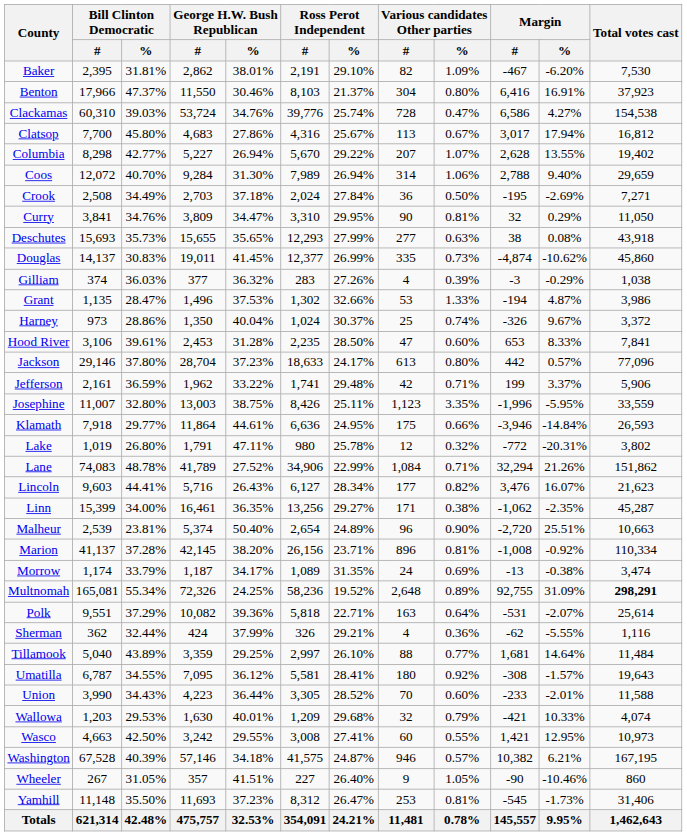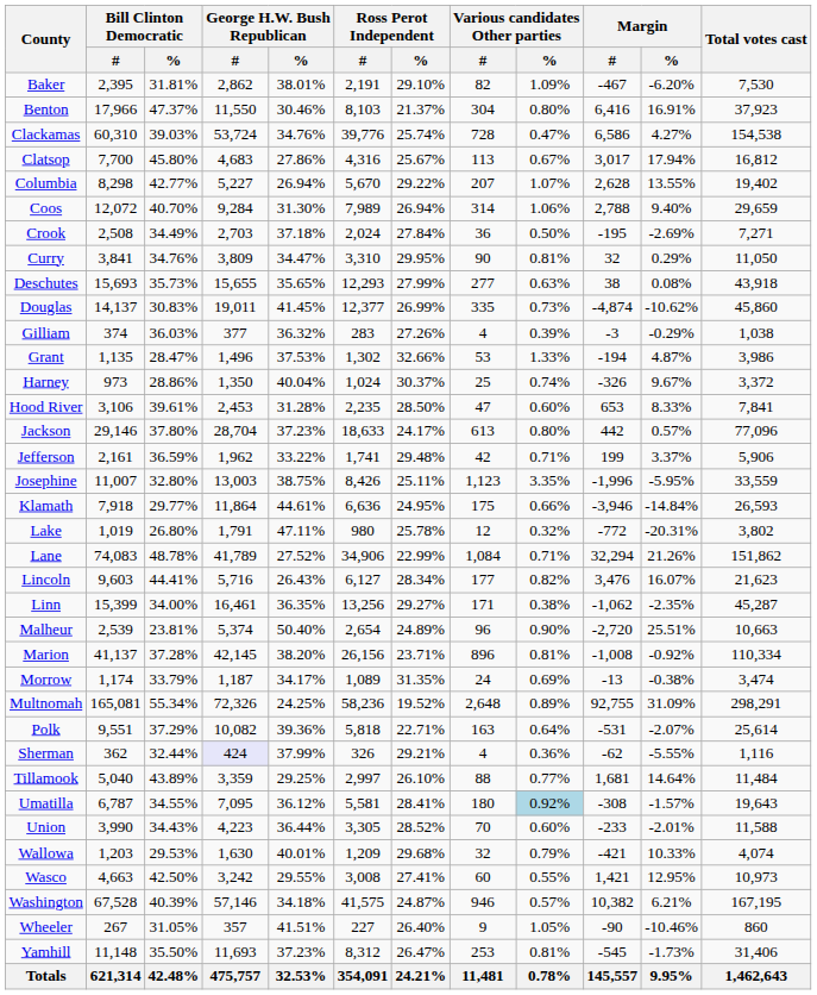 <table class="wikitable sortable" style="text-align:center">
 <tr>
 <th style="text-align:center;" rowspan="2">County</th>
 <th style="text-align:center;" colspan="2">Bill Clinton<br>Democratic</th>
 <th style="text-align:center;" colspan="2">George H.W. Bush<br>Republican</th>
 <th style="text-align:center;" colspan="2">Ross Perot<br>Independent</th>
 <th style="text-align:center;" colspan="2">Various candidates<br>Other parties</th>
 <th style="text-align:center;" colspan="2">Margin</th>
 <th style="text-align:center;" rowspan="2">Total votes cast</th>
 </tr>
 <tr>
 <th style="text-align:center;" data-sort-type="number">#</th>
 <th style="text-align:center;" data-sort-type="number">%</th>
 <th style="text-align:center;" data-sort-type="number">#</th>
 <th style="text-align:center;" data-sort-type="number">%</th>
 <th style="text-align:center;" data-sort-type="number">#</th>
 <th style="text-align:center;" data-sort-type="number">%</th>
 <th style="text-align:center;" data-sort-type="number">#</th>
 <th style="text-align:center;" data-sort-type="number">%</th>
 <th style="text-align:center;" data-sort-type="number">#</th>
 <th style="text-align:center;" data-sort-type="number">%</th>
 </tr>
 <tr style="text-align:center;">
 <td><a href='#'>Baker</a></td>
 <td>2,395</td>
 <td>31.81%</td>
 <td>2,862</td>
 <td>38.01%</td>
 <td>2,191</td>
 <td>29.10%</td>
 <td>82</td>
 <td>1.09%</td>
 <td>-467</td>
 <td>-6.20%</td>
 <td>7,530</td>
 </tr>
 <tr style="text-align:center;">
 <td><a href='#'>Benton</a></td>
 <td>17,966</td>
 <td>47.37%</td>
 <td>11,550</td>
 <td>30.46%</td>
 <td>8,103</td>
 <td>21.37%</td>
 <td>304</td>
 <td>0.80%</td>
 <td>6,416</td>
 <td>16.91%</td>
 <td>37,923</td>
 </tr>
 <tr style="text-align:center;">
 <td><a href='#'>Clackamas</a></td>
 <td>60,310</td>
 <td>39.03%</td>
 <td>53,724</td>
 <td>34.76%</td>
 <td>39,776</td>
 <td>25.74%</td>
 <td>728</td>
 <td>0.47%</td>
 <td>6,586</td>
 <td>4.27%</td>
 <td>154,538</td>
 </tr>
 <tr style="text-align:center;">
 <td><a href='#'>Clatsop</a></td>
 <td>7,700</td>
 <td>45.80%</td>
 <td>4,683</td>
 <td>27.86%</td>
 <td>4,316</td>
 <td>25.67%</td>
 <td>113</td>
 <td>0.67%</td>
 <td>3,017</td>
 <td>17.94%</td>
 <td>16,812</td>
 </tr>
 <tr style="text-align:center;">
 <td><a href='#'>Columbia</a></td>
 <td>8,298</td>
 <td>42.77%</td>
 <td>5,227</td>
 <td>26.94%</td>
 <td>5,670</td>
 <td>29.22%</td>
 <td>207</td>
 <td>1.07%</td>
 <td>2,628</td>
 <td>13.55%</td>
 <td>19,402</td>
 </tr>
 <tr style="text-align:center;">
 <td><a href='#'>Coos</a></td>
 <td>12,072</td>
 <td>40.70%</td>
 <td>9,284</td>
 <td>31.30%</td>
 <td>7,989</td>
 <td>26.94%</td>
 <td>314</td>
 <td>1.06%</td>
 <td>2,788</td>
 <td>9.40%</td>
 <td>29,659</td>
 </tr>
 <tr style="text-align:center;">
 <td><a href='#'>Crook</a></td>
 <td>2,508</td>
 <td>34.49%</td>
 <td>2,703</td>
 <td>37.18%</td>
 <td>2,024</td>
 <td>27.84%</td>
 <td>36</td>
 <td>0.50%</td>
 <td>-195</td>
 <td>-2.69%</td>
 <td>7,271</td>
 </tr>
 <tr style="text-align:center;">
 <td><a href='#'>Curry</a></td>
 <td>3,841</td>
 <td>34.76%</td>
 <td>3,809</td>
 <td>34.47%</td>
 <td>3,310</td>
 <td>29.95%</td>
 <td>90</td>
 <td>0.81%</td>
 <td>32</td>
 <td>0.29%</td>
 <td>11,050</td>
 </tr>
 <tr style="text-align:center;">
 <td><a href='#'>Deschutes</a></td>
 <td>15,693</td>
 <td>35.73%</td>
 <td>15,655</td>
 <td>35.65%</td>
 <td>12,293</td>
 <td>27.99%</td>
 <td>277</td>
 <td>0.63%</td>
 <td>38</td>
 <td>0.08%</td>
 <td>43,918</td>
 </tr>
 <tr style="text-align:center;">
 <td><a href='#'>Douglas</a></td>
 <td>14,137</td>
 <td>30.83%</td>
 <td>19,011</td>
 <td>41.45%</td>
 <td>12,377</td>
 <td>26.99%</td>
 <td>335</td>
 <td>0.73%</td>
 <td>-4,874</td>
 <td>-10.62%</td>
 <td>45,860</td>
 </tr>
 <tr style="text-align:center;">
 <td><a href='#'>Gilliam</a></td>
 <td>374</td>
 <td>36.03%</td>
 <td>377</td>
 <td>36.32%</td>
 <td>283</td>
 <td>27.26%</td>
 <td>4</td>
 <td>0.39%</td>
 <td>-3</td>
 <td>-0.29%</td>
 <td>1,038</td>
 </tr>
 <tr style="text-align:center;">
 <td><a href='#'>Grant</a></td>
 <td>1,135</td>
 <td>28.47%</td>
 <td>1,496</td>
 <td>37.53%</td>
 <td>1,302</td>
 <td>32.66%</td>
 <td>53</td>
 <td>1.33%</td>
 <td>-194</td>
 <td>4.87%</td>
 <td>3,986</td>
 </tr>
 <tr style="text-align:center;">
 <td><a href='#'>Harney</a></td>
 <td>973</td>
 <td>28.86%</td>
 <td>1,350</td>
 <td>40.04%</td>
 <td>1,024</td>
 <td>30.37%</td>
 <td>25</td>
 <td>0.74%</td>
 <td>-326</td>
 <td>9.67%</td>
 <td>3,372</td>
 </tr>
 <tr style="text-align:center;">
 <td><a href='#'>Hood River</a></td>
 <td>3,106</td>
 <td>39.61%</td>
 <td>2,453</td>
 <td>31.28%</td>
 <td>2,235</td>
 <td>28.50%</td>
 <td>47</td>
 <td>0.60%</td>
 <td>653</td>
 <td>8.33%</td>
 <td>7,841</td>
 </tr>
 <tr style="text-align:center;">
 <td><a href='#'>Jackson</a></td>
 <td>29,146</td>
 <td>37.80%</td>
 <td>28,704</td>
 <td>37.23%</td>
 <td>18,633</td>
 <td>24.17%</td>
 <td>613</td>
 <td>0.80%</td>
 <td>442</td>
 <td>0.57%</td>
 <td>77,096</td>
 </tr>
 <tr style="text-align:center;">
 <td><a href='#'>Jefferson</a></td>
 <td>2,161</td>
 <td>36.59%</td>
 <td>1,962</td>
 <td>33.22%</td>
 <td>1,741</td>
 <td>29.48%</td>
 <td>42</td>
 <td>0.71%</td>
 <td>199</td>
 <td>3.37%</td>
 <td>5,906</td>
 </tr>
 <tr style="text-align:center;">
 <td><a href='#'>Josephine</a></td>
 <td>11,007</td>
 <td>32.80%</td>
 <td>13,003</td>
 <td>38.75%</td>
 <td>8,426</td>
 <td>25.11%</td>
 <td>1,123</td>
 <td>3.35%</td>
 <td>-1,996</td>
 <td>-5.95%</td>
 <td>33,559</td>
 </tr>
 <tr style="text-align:center;">
 <td><a href='#'>Klamath</a></td>
 <td>7,918</td>
 <td>29.77%</td>
 <td>11,864</td>
 <td>44.61%</td>
 <td>6,636</td>
 <td>24.95%</td>
 <td>175</td>
 <td>0.66%</td>
 <td>-3,946</td>
 <td>-14.84%</td>
 <td>26,593</td>
 </tr>
 <tr style="text-align:center;">
 <td><a href='#'>Lake</a></td>
 <td>1,019</td>
 <td>26.80%</td>
 <td>1,791</td>
 <td>47.11%</td>
 <td>980</td>
 <td>25.78%</td>
 <td>12</td>
 <td>0.32%</td>
 <td>-772</td>
 <td>-20.31%</td>
 <td>3,802</td>
 </tr>
 <tr style="text-align:center;">
 <td><a href='#'>Lane</a></td>
 <td>74,083</td>
 <td>48.78%</td>
 <td>41,789</td>
 <td>27.52%</td>
 <td>34,906</td>
 <td>22.99%</td>
 <td>1,084</td>
 <td>0.71%</td>
 <td>32,294</td>
 <td>21.26%</td>
 <td>151,862</td>
 </tr>
 <tr style="text-align:center;">
 <td><a href='#'>Lincoln</a></td>
 <td>9,603</td>
 <td>44.41%</td>
 <td>5,716</td>
 <td>26.43%</td>
 <td>6,127</td>
 <td>28.34%</td>
 <td>177</td>
 <td>0.82%</td>
 <td>3,476</td>
 <td>16.07%</td>
 <td>21,623</td>
 </tr>
 <tr style="text-align:center;">
 <td><a href='#'>Linn</a></td>
 <td>15,399</td>
 <td>34.00%</td>
 <td>16,461</td>
 <td>36.35%</td>
 <td>13,256</td>
 <td>29.27%</td>
 <td>171</td>
 <td>0.38%</td>
 <td>-1,062</td>
 <td>-2.35%</td>
 <td>45,287</td>
 </tr>
 <tr style="text-align:center;">
 <td><a href='#'>Malheur</a></td>
 <td>2,539</td>
 <td>23.81%</td>
 <td>5,374</td>
 <td>50.40%</td>
 <td>2,654</td>
 <td>24.89%</td>
 <td>96</td>
 <td>0.90%</td>
 <td>-2,720</td>
 <td>25.51%</td>
 <td>10,663</td>
 </tr>
 <tr style="text-align:center;">
 <td><a href='#'>Marion</a></td>
 <td>41,137</td>
 <td>37.28%</td>
 <td>42,145</td>
 <td>38.20%</td>
 <td>26,156</td>
 <td>23.71%</td>
 <td>896</td>
 <td>0.81%</td>
 <td>-1,008</td>
 <td>-0.92%</td>
 <td>110,334</td>
 </tr>
 <tr style="text-align:center;">
 <td><a href='#'>Morrow</a></td>
 <td>1,174</td>
 <td>33.79%</td>
 <td>1,187</td>
 <td>34.17%</td>
 <td>1,089</td>
 <td>31.35%</td>
 <td>24</td>
 <td>0.69%</td>
 <td>-13</td>
 <td>-0.38%</td>
 <td>3,474</td>
 </tr>
 <tr style="text-align:center;">
 <td><a href='#'>Multnomah</a></td>
 <td>165,081</td>
 <td>55.34%</td>
 <td>72,326</td>
 <td>24.25%</td>
 <td>58,236</td>
 <td>19.52%</td>
 <td>2,648</td>
 <td>0.89%</td>
 <td>92,755</td>
 <td>31.09%</td>
-<td><strong>298,291</strong></td>
+<td>298,291</td>
 </tr>
 <tr style="text-align:center;">
 <td><a href='#'>Polk</a></td>
 <td>9,551</td>
 <td>37.29%</td>
 <td>10,082</td>
 <td>39.36%</td>
 <td>5,818</td>
 <td>22.71%</td>
 <td>163</td>
 <td>0.64%</td>
 <td>-531</td>
 <td>-2.07%</td>
 <td>25,614</td>
 </tr>
 <tr style="text-align:center;">
 <td><a href='#'>Sherman</a></td>
 <td>362</td>
 <td>32.44%</td>
-<td>424</td>
+<td style="background: lavender;">424</td>
 <td>37.99%</td>
 <td>326</td>
 <td>29.21%</td>
 <td>4</td>
 <td>0.36%</td>
 <td>-62</td>
 <td>-5.55%</td>
 <td>1,116</td>
 </tr>
 <tr style="text-align:center;">
 <td><a href='#'>Tillamook</a></td>
 <td>5,040</td>
 <td>43.89%</td>
 <td>3,359</td>
 <td>29.25%</td>
 <td>2,997</td>
 <td>26.10%</td>
 <td>88</td>
 <td>0.77%</td>
 <td>1,681</td>
 <td>14.64%</td>
 <td>11,484</td>
 </tr>
 <tr style="text-align:center;">
 <td><a href='#'>Umatilla</a></td>
 <td>6,787</td>
 <td>34.55%</td>
 <td>7,095</td>
 <td>36.12%</td>
 <td>5,581</td>
 <td>28.41%</td>
 <td>180</td>
-<td>0.92%</td>
+<td style="background: lightblue;">0.92%</td>
 <td>-308</td>
 <td>-1.57%</td>
 <td>19,643</td>
 </tr>
 <tr style="text-align:center;">
 <td><a href='#'>Union</a></td>
 <td>3,990</td>
 <td>34.43%</td>
 <td>4,223</td>
 <td>36.44%</td>
 <td>3,305</td>
 <td>28.52%</td>
 <td>70</td>
 <td>0.60%</td>
 <td>-233</td>
 <td>-2.01%</td>
 <td>11,588</td>
 </tr>
 <tr style="text-align:center;">
 <td><a href='#'>Wallowa</a></td>
 <td>1,203</td>
 <td>29.53%</td>
 <td>1,630</td>
 <td>40.01%</td>
 <td>1,209</td>
 <td>29.68%</td>
 <td>32</td>
 <td>0.79%</td>
 <td>-421</td>
 <td>10.33%</td>
 <td>4,074</td>
 </tr>
 <tr style="text-align:center;">
 <td><a href='#'>Wasco</a></td>
 <td>4,663</td>
 <td>42.50%</td>
 <td>3,242</td>
 <td>29.55%</td>
 <td>3,008</td>
 <td>27.41%</td>
 <td>60</td>
 <td>0.55%</td>
 <td>1,421</td>
 <td>12.95%</td>
 <td>10,973</td>
 </tr>
 <tr style="text-align:center;">
 <td><a href='#'>Washington</a></td>
 <td>67,528</td>
 <td>40.39%</td>
 <td>57,146</td>
 <td>34.18%</td>
 <td>41,575</td>
 <td>24.87%</td>
 <td>946</td>
 <td>0.57%</td>
 <td>10,382</td>
 <td>6.21%</td>
 <td>167,195</td>
 </tr>
 <tr style="text-align:center;">
 <td><a href='#'>Wheeler</a></td>
 <td>267</td>
 <td>31.05%</td>
 <td>357</td>
 <td>41.51%</td>
 <td>227</td>
 <td>26.40%</td>
 <td>9</td>
 <td>1.05%</td>
 <td>-90</td>
 <td>-10.46%</td>
 <td>860</td>
 </tr>
 <tr style="text-align:center;">
 <td><a href='#'>Yamhill</a></td>
 <td>11,148</td>
 <td>35.50%</td>
 <td>11,693</td>
 <td>37.23%</td>
 <td>8,312</td>
 <td>26.47%</td>
 <td>253</td>
 <td>0.81%</td>
 <td>-545</td>
 <td>-1.73%</td>
 <td>31,406</td>
 </tr>
 <tr style="text-align:center;">
 <th>Totals</th>
 <th>621,314</th>
 <th>42.48%</th>
 <th>475,757</th>
 <th>32.53%</th>
 <th>354,091</th>
 <th>24.21%</th>
 <th>11,481</th>
 <th>0.78%</th>
 <th>145,557</th>
 <th>9.95%</th>
 <th>1,462,643</th>
 </tr>
 </table>
